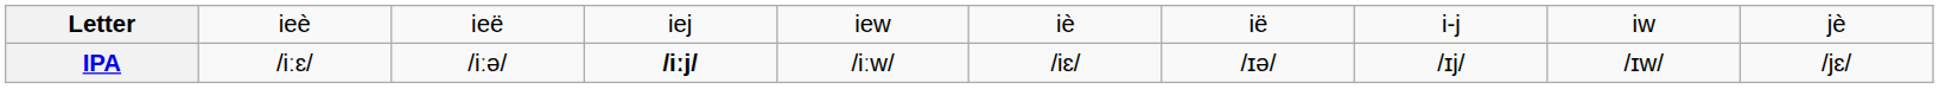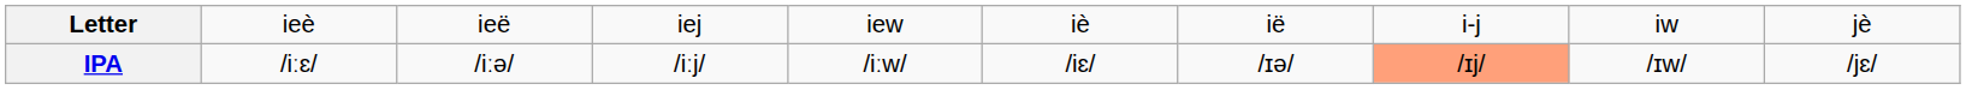 <table class="wikitable" style="table-layout: fixed; width: 80em; text-align: center;">
 <tr>
 <th><strong>Letter</strong></th>
 <td>ieè</td>
 <td>ieë</td>
 <td>iej</td>
 <td>iew</td>
 <td>iè</td>
 <td>ië</td>
 <td>i-j</td>
 <td>iw</td>
 <td>jè</td>
 </tr>
 <tr>
 <th><strong><a href='#'>IPA</a></strong></th>
 <td>/iːɛ/</td>
 <td>/iːə/</td>
-<td><strong>/iːj/</strong></td>
+<td>/iːj/</td>
 <td>/iːw/</td>
 <td>/iɛ/</td>
 <td>/ɪə/</td>
-<td>/ɪj/</td>
+<td style="background: lightsalmon;">/ɪj/</td>
 <td>/ɪw/</td>
 <td>/jɛ/</td>
 </tr>
 </table>
